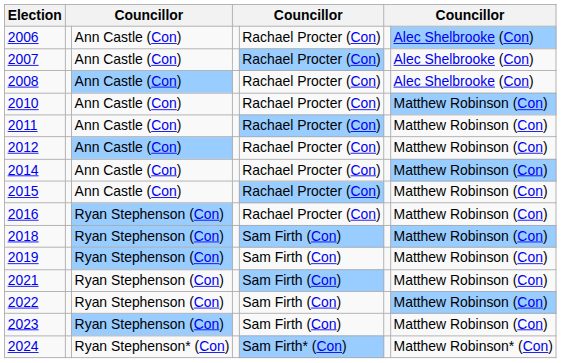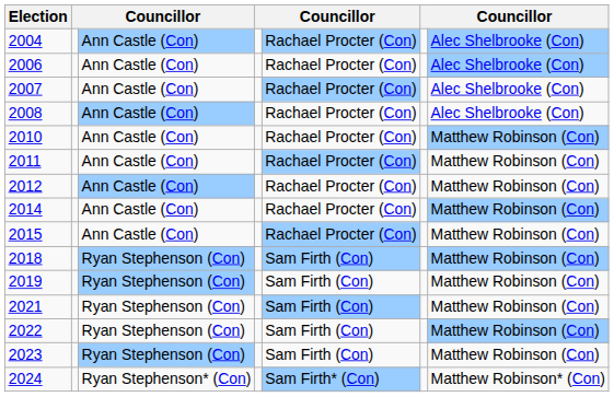 <table class="wikitable">
 <tr>
 <th>Election</th>
 <th colspan="2">Councillor</th>
 <th colspan="2">Councillor</th>
 <th colspan="2">Councillor</th>
+</tr>
+<tr>
+<td><a href='#'>2004</a></td>
+<td style="background-color: "></td>
+<td bgcolor="#99CCFF">Ann Castle (<a href='#'>Con</a>)</td>
+<td style="background-color: "></td>
+<td bgcolor="#99CCFF">Rachael Procter (<a href='#'>Con</a>)</td>
+<td style="background-color: "></td>
+<td bgcolor="#99CCFF"><a href='#'>Alec Shelbrooke</a> (<a href='#'>Con</a>)</td>
 </tr>
 <tr>
 <td><a href='#'>2006</a></td>
 <td style="background-color: "></td>
 <td>Ann Castle (<a href='#'>Con</a>)</td>
 <td style="background-color: "></td>
 <td>Rachael Procter (<a href='#'>Con</a>)</td>
 <td style="background-color: "></td>
 <td bgcolor="#99CCFF"><a href='#'>Alec Shelbrooke</a> (<a href='#'>Con</a>)</td>
 </tr>
 <tr>
 <td><a href='#'>2007</a></td>
 <td style="background-color: "></td>
 <td>Ann Castle (<a href='#'>Con</a>)</td>
 <td style="background-color: "></td>
 <td bgcolor="#99CCFF">Rachael Procter (<a href='#'>Con</a>)</td>
 <td style="background-color: "></td>
 <td><a href='#'>Alec Shelbrooke</a> (<a href='#'>Con</a>)</td>
 </tr>
 <tr>
 <td><a href='#'>2008</a></td>
 <td style="background-color: "></td>
 <td bgcolor="#99CCFF">Ann Castle (<a href='#'>Con</a>)</td>
 <td style="background-color: "></td>
 <td>Rachael Procter (<a href='#'>Con</a>)</td>
 <td style="background-color: "></td>
 <td><a href='#'>Alec Shelbrooke</a> (<a href='#'>Con</a>)</td>
 </tr>
 <tr>
 <td><a href='#'>2010</a></td>
 <td style="background-color: "></td>
 <td>Ann Castle (<a href='#'>Con</a>)</td>
 <td style="background-color: "></td>
 <td>Rachael Procter (<a href='#'>Con</a>)</td>
 <td style="background-color: "></td>
 <td bgcolor="#99CCFF">Matthew Robinson (<a href='#'>Con</a>)</td>
 </tr>
 <tr>
 <td><a href='#'>2011</a></td>
 <td style="background-color: "></td>
 <td>Ann Castle (<a href='#'>Con</a>)</td>
 <td style="background-color: "></td>
 <td bgcolor="#99CCFF">Rachael Procter (<a href='#'>Con</a>)</td>
 <td style="background-color: "></td>
 <td>Matthew Robinson (<a href='#'>Con</a>)</td>
 </tr>
 <tr>
 <td><a href='#'>2012</a></td>
 <td style="background-color: "></td>
 <td bgcolor="#99CCFF">Ann Castle (<a href='#'>Con</a>)</td>
 <td style="background-color: "></td>
 <td>Rachael Procter (<a href='#'>Con</a>)</td>
 <td style="background-color: "></td>
 <td>Matthew Robinson (<a href='#'>Con</a>)</td>
 </tr>
 <tr>
 <td><a href='#'>2014</a></td>
 <td style="background-color: "></td>
 <td>Ann Castle (<a href='#'>Con</a>)</td>
 <td style="background-color: "></td>
 <td>Rachael Procter (<a href='#'>Con</a>)</td>
 <td style="background-color: "></td>
 <td bgcolor="#99CCFF">Matthew Robinson (<a href='#'>Con</a>)</td>
 </tr>
 <tr>
 <td><a href='#'>2015</a></td>
 <td style="background-color: "></td>
 <td>Ann Castle (<a href='#'>Con</a>)</td>
 <td style="background-color: "></td>
 <td bgcolor="#99CCFF">Rachael Procter (<a href='#'>Con</a>)</td>
 <td style="background-color: "></td>
 <td>Matthew Robinson (<a href='#'>Con</a>)</td>
 </tr>
 <tr>
-<td><a href='#'>2016</a></td>
-<td style="background-color: "></td>
-<td bgcolor="#99CCFF">Ryan Stephenson (<a href='#'>Con</a>)</td>
-<td style="background-color: "></td>
-<td>Rachael Procter (<a href='#'>Con</a>)</td>
-<td style="background-color: "></td>
-<td>Matthew Robinson (<a href='#'>Con</a>)</td>
-</tr>
-<tr>
 <td><a href='#'>2018</a></td>
 <td style="background-color: "></td>
 <td bgcolor="#99CCFF">Ryan Stephenson (<a href='#'>Con</a>)</td>
 <td style="background-color: "></td>
 <td bgcolor="#99CCFF">Sam Firth (<a href='#'>Con</a>)</td>
 <td style="background-color: "></td>
 <td bgcolor="#99CCFF">Matthew Robinson (<a href='#'>Con</a>)</td>
 </tr>
 <tr>
 <td><a href='#'>2019</a></td>
 <td style="background-color: "></td>
 <td bgcolor="#99CCFF">Ryan Stephenson (<a href='#'>Con</a>)</td>
 <td style="background-color: "></td>
 <td>Sam Firth (<a href='#'>Con</a>)</td>
 <td style="background-color: "></td>
 <td>Matthew Robinson (<a href='#'>Con</a>)</td>
 </tr>
 <tr>
 <td><a href='#'>2021</a></td>
 <td style="background-color: "></td>
 <td>Ryan Stephenson (<a href='#'>Con</a>)</td>
 <td style="background-color: "></td>
 <td bgcolor="#99CCFF">Sam Firth (<a href='#'>Con</a>)</td>
 <td style="background-color: "></td>
 <td>Matthew Robinson (<a href='#'>Con</a>)</td>
 </tr>
 <tr>
 <td><a href='#'>2022</a></td>
 <td style="background-color: "></td>
 <td>Ryan Stephenson (<a href='#'>Con</a>)</td>
 <td style="background-color: "></td>
 <td>Sam Firth (<a href='#'>Con</a>)</td>
 <td style="background-color: "></td>
 <td bgcolor="#99CCFF">Matthew Robinson (<a href='#'>Con</a>)</td>
 </tr>
 <tr>
 <td><a href='#'>2023</a></td>
 <td style="background-color: "></td>
 <td bgcolor="#99CCFF">Ryan Stephenson (<a href='#'>Con</a>)</td>
 <td style="background-color: "></td>
 <td>Sam Firth (<a href='#'>Con</a>)</td>
 <td style="background-color: "></td>
 <td>Matthew Robinson (<a href='#'>Con</a>)</td>
 </tr>
 <tr>
 <td><a href='#'>2024</a></td>
 <td style="background-color: "></td>
 <td>Ryan Stephenson* (<a href='#'>Con</a>)</td>
 <td style="background-color: "></td>
 <td bgcolor="#99CCFF">Sam Firth* (<a href='#'>Con</a>)</td>
 <td style="background-color: "></td>
 <td>Matthew Robinson* (<a href='#'>Con</a>)</td>
 </tr>
 </table>
